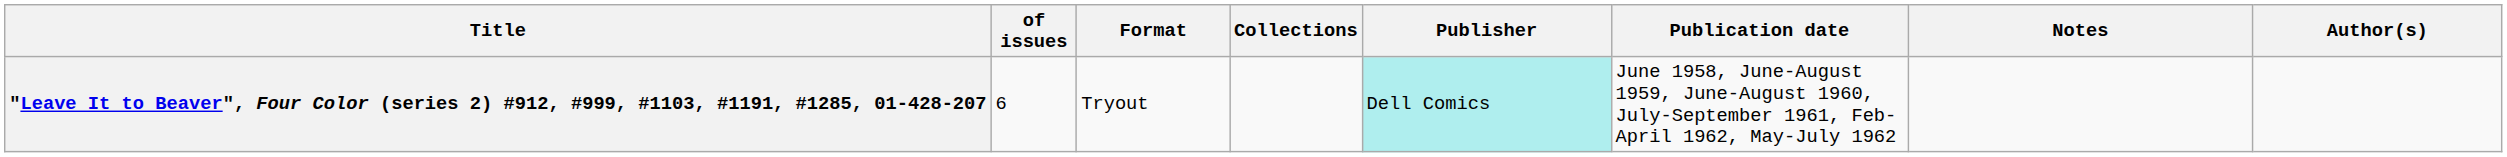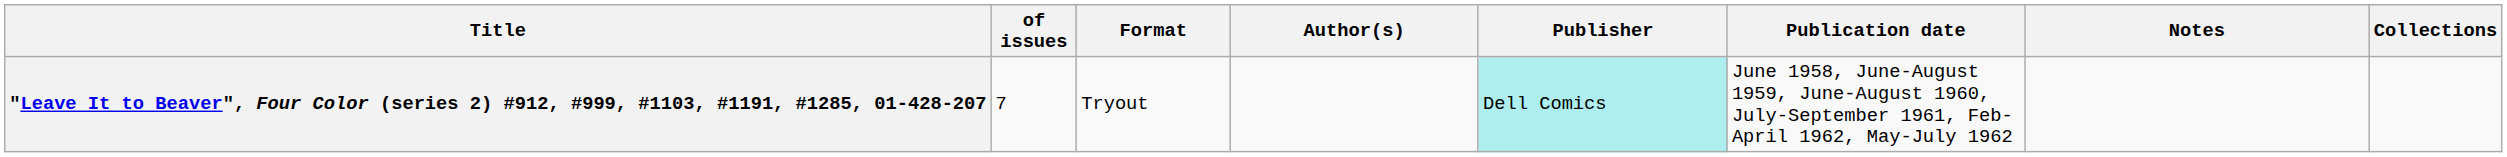 <table class="wikitable">
 <tr>
 <th>Title</th>
 <th style="width:40pt"> of issues</th>
 <th style="width:75pt">Format</th>
-<th>Collections</th>
+<th style="width:125pt">Author(s)</th>
 <th style="width:125pt">Publisher</th>
 <th style="width:150pt">Publication date</th>
 <th style="width:175pt">Notes</th>
-<th style="width:125pt">Author(s)</th>
+<th>Collections</th>
 </tr>
 <tr>
 <th>"<a href='#'>Leave It to Beaver</a>", <em>Four Color</em> (series 2) #912, #999, #1103, #1191, #1285, 01-428-207</th>
-<td>6</td>
+<td>7</td>
 <td>Tryout</td>
 <td></td>
 <td style="background: paleturquoise;">Dell Comics</td>
 <td>June 1958, June-August 1959, June-August 1960, July-September 1961, Feb-April 1962, May-July 1962</td>
 <td></td>
 <td></td>
 </tr>
 </table>
